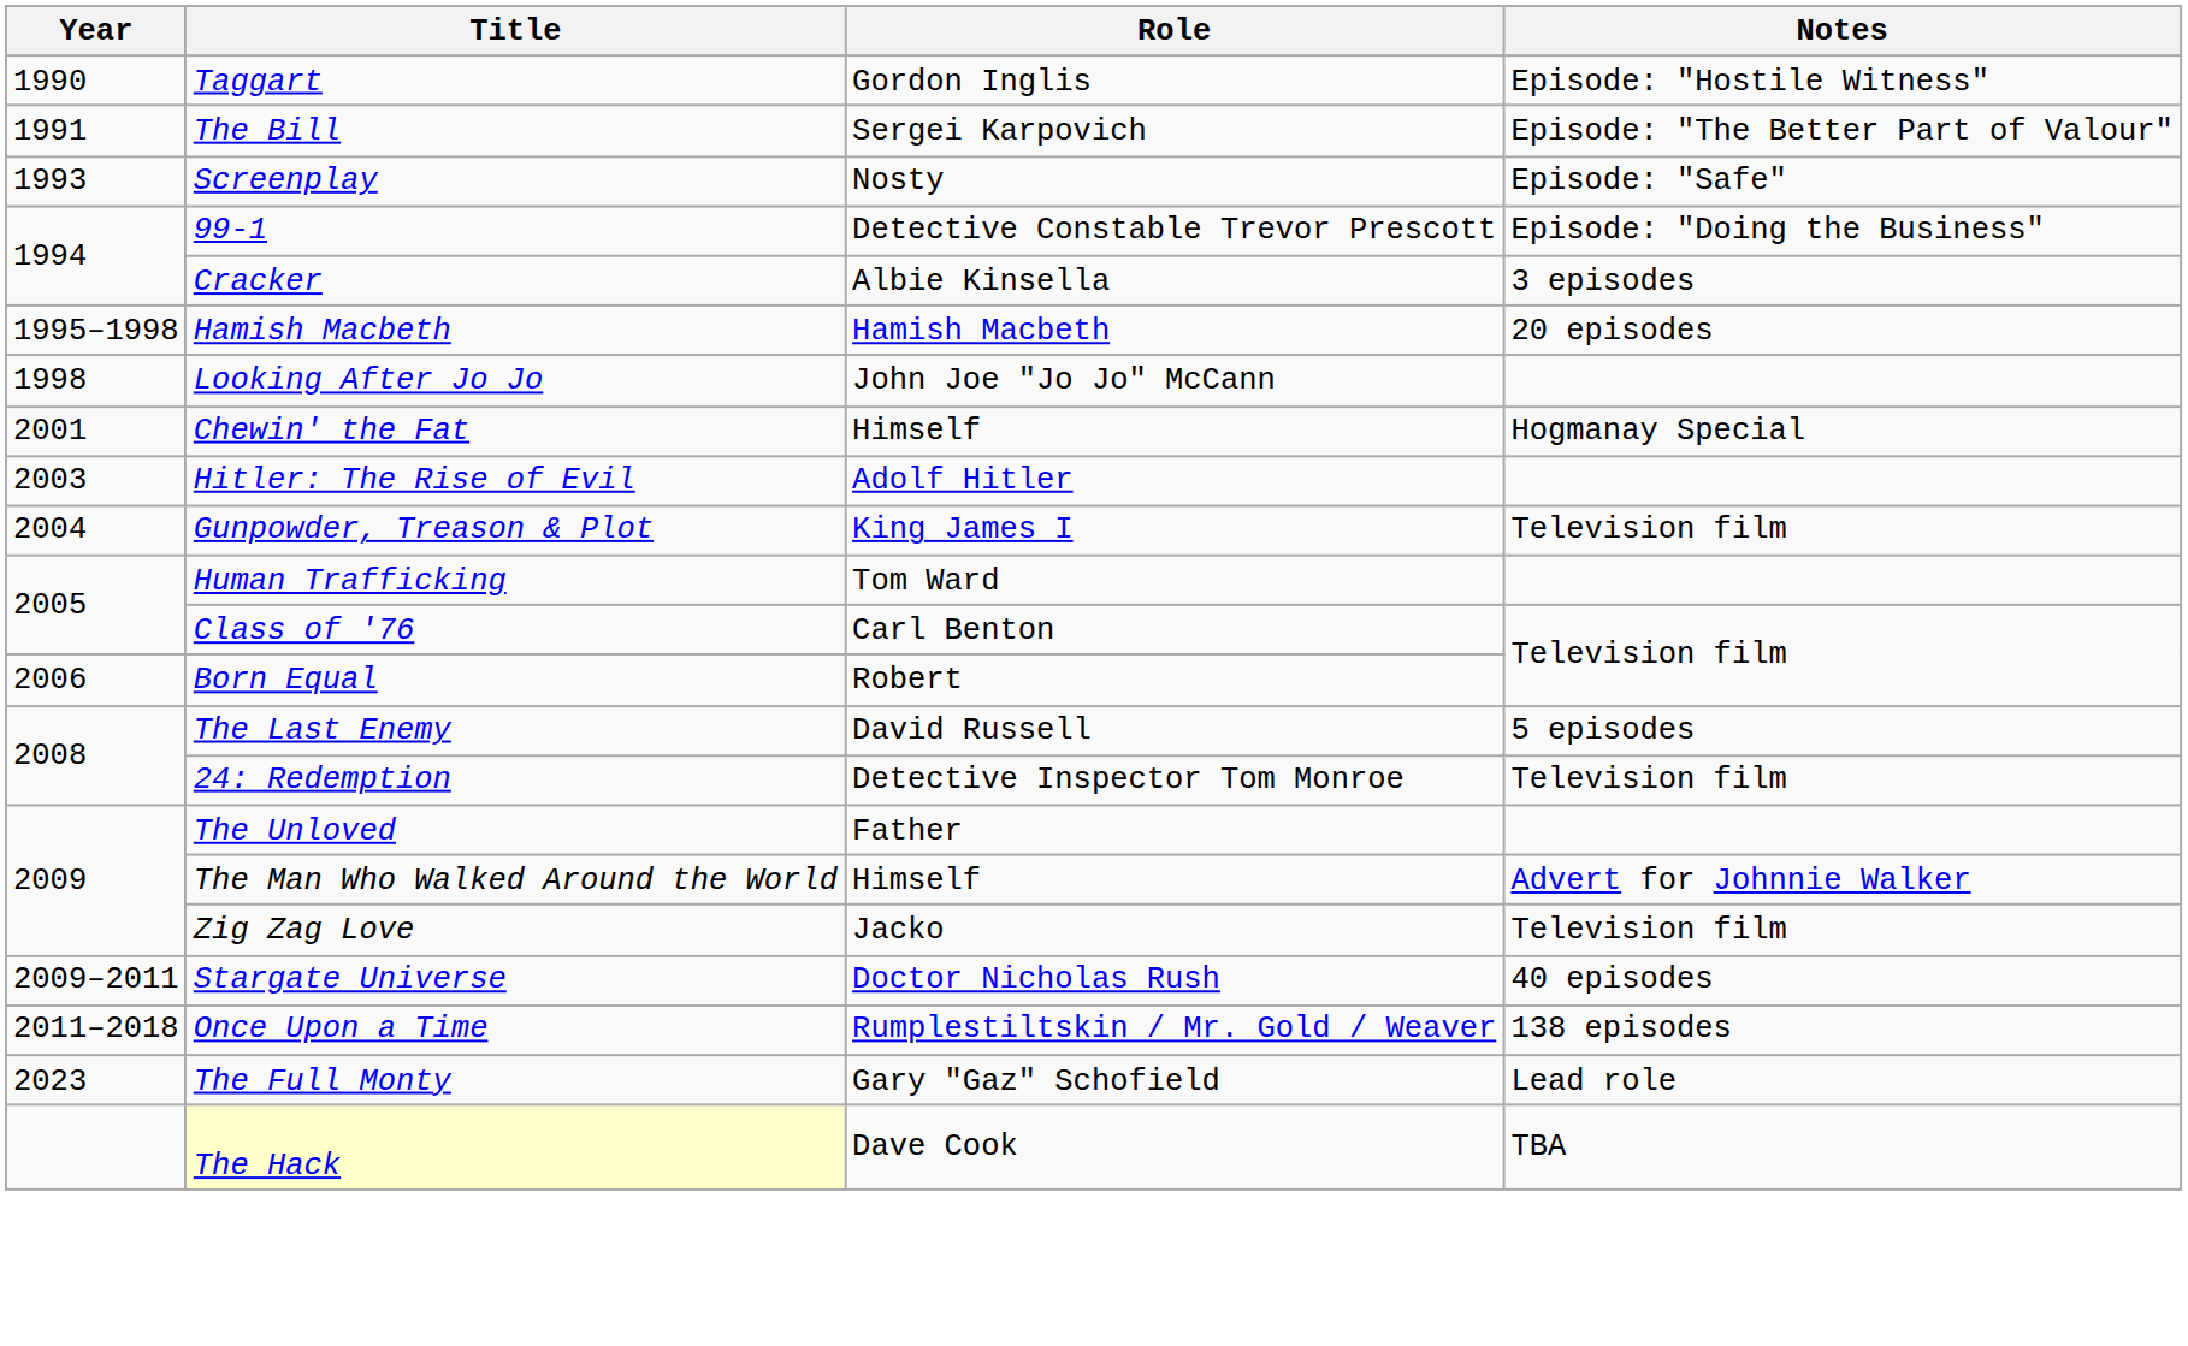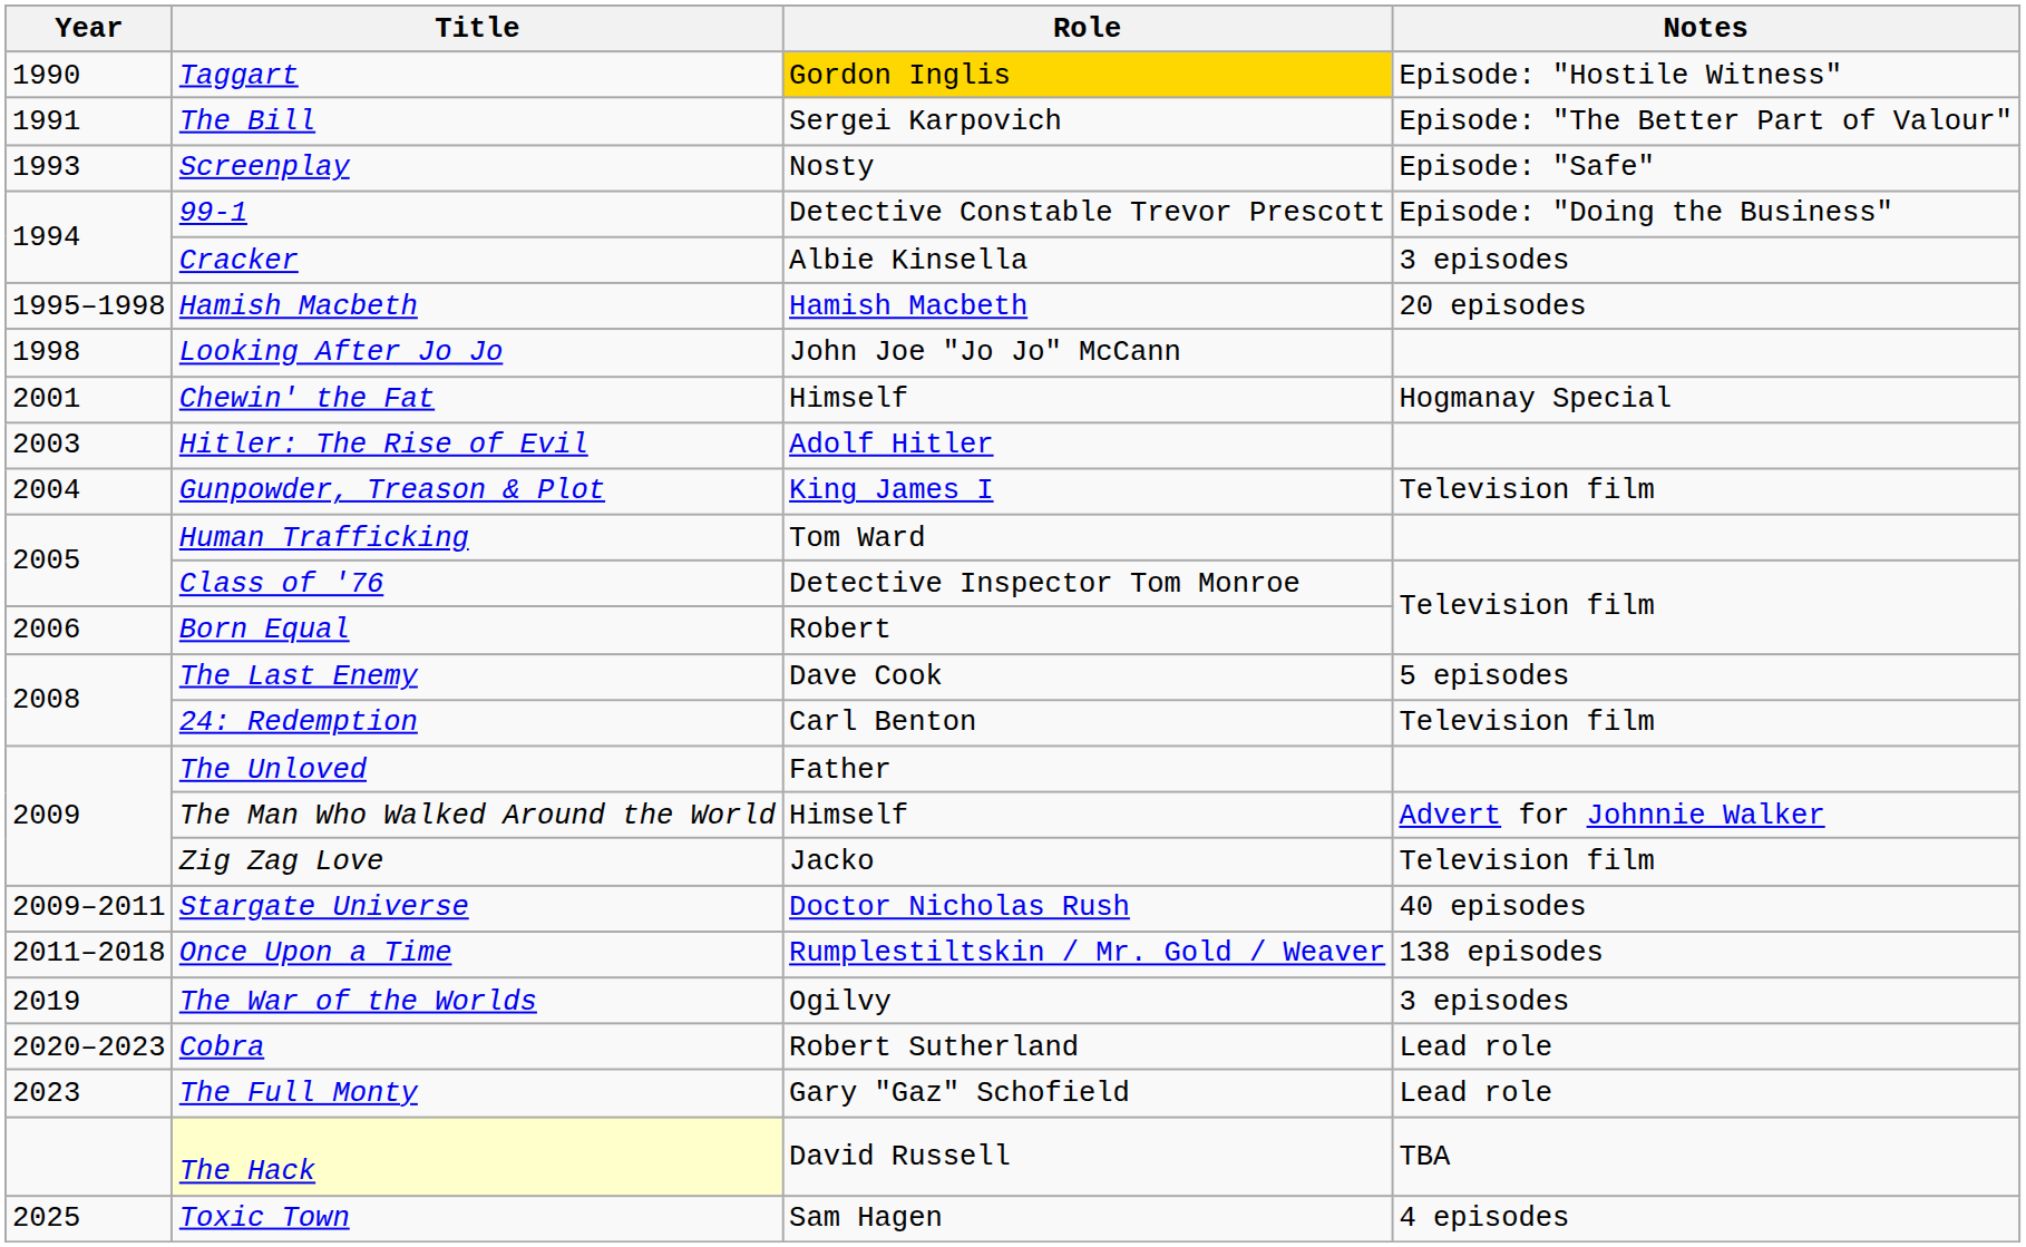 <table class="wikitable sortable">
 <tr>
 <th>Year</th>
 <th>Title</th>
 <th>Role</th>
 <th class="unsortable">Notes</th>
 </tr>
 <tr>
 <td>1990</td>
 <td><em><a href='#'>Taggart</a></em></td>
-<td>Gordon Inglis</td>
+<td style="background: gold;">Gordon Inglis</td>
 <td>Episode: "Hostile Witness"</td>
 </tr>
 <tr>
 <td>1991</td>
 <td><em><a href='#'>The Bill</a></em></td>
 <td>Sergei Karpovich</td>
 <td>Episode: "The Better Part of Valour"</td>
 </tr>
 <tr>
 <td>1993</td>
 <td><em><a href='#'>Screenplay</a></em></td>
 <td>Nosty</td>
 <td>Episode: "Safe"</td>
 </tr>
 <tr>
 <td rowspan="2">1994</td>
 <td><em><a href='#'>99-1</a></em></td>
 <td>Detective Constable Trevor Prescott</td>
 <td>Episode: "Doing the Business"</td>
 </tr>
 <tr>
 <td><em><a href='#'>Cracker</a></em></td>
 <td>Albie Kinsella</td>
 <td>3 episodes</td>
 </tr>
 <tr>
 <td>1995–1998</td>
 <td><em><a href='#'>Hamish Macbeth</a></em></td>
 <td><a href='#'>Hamish Macbeth</a></td>
 <td>20 episodes</td>
 </tr>
 <tr>
 <td>1998</td>
 <td><em><a href='#'>Looking After Jo Jo</a></em></td>
 <td>John Joe "Jo Jo" McCann</td>
 <td></td>
 </tr>
 <tr>
 <td>2001</td>
 <td><em><a href='#'>Chewin' the Fat</a></em></td>
 <td>Himself</td>
 <td>Hogmanay Special</td>
 </tr>
 <tr>
 <td>2003</td>
 <td><em><a href='#'>Hitler: The Rise of Evil</a></em></td>
 <td><a href='#'>Adolf Hitler</a></td>
 <td></td>
 </tr>
 <tr>
 <td>2004</td>
 <td><em><a href='#'>Gunpowder, Treason & Plot</a></em></td>
 <td><a href='#'>King James I</a></td>
 <td>Television film</td>
 </tr>
 <tr>
 <td rowspan="2">2005</td>
 <td><em><a href='#'>Human Trafficking</a></em></td>
 <td>Tom Ward</td>
 <td></td>
 </tr>
 <tr>
 <td><em><a href='#'>Class of '76</a></em></td>
-<td>Carl Benton</td>
+<td>Detective Inspector Tom Monroe</td>
 <td rowspan="2">Television film</td>
 </tr>
 <tr>
 <td>2006</td>
 <td><em><a href='#'>Born Equal</a></em></td>
 <td>Robert</td>
 </tr>
 <tr>
 <td rowspan="2">2008</td>
 <td><em><a href='#'>The Last Enemy</a></em></td>
-<td>David Russell</td>
+<td>Dave Cook</td>
 <td>5 episodes</td>
 </tr>
 <tr>
 <td><em><a href='#'>24: Redemption</a></em></td>
-<td>Detective Inspector Tom Monroe</td>
+<td>Carl Benton</td>
 <td>Television film</td>
 </tr>
 <tr>
 <td rowspan="3">2009</td>
 <td><em><a href='#'>The Unloved</a></em></td>
 <td>Father</td>
 <td></td>
 </tr>
 <tr>
 <td><em>The Man Who Walked Around the World</em></td>
 <td>Himself</td>
 <td><a href='#'>Advert</a> for <a href='#'>Johnnie Walker</a></td>
 </tr>
 <tr>
 <td><em>Zig Zag Love</em></td>
 <td>Jacko</td>
 <td>Television film</td>
 </tr>
 <tr>
 <td>2009–2011</td>
 <td><em><a href='#'>Stargate Universe</a></em></td>
 <td><a href='#'>Doctor Nicholas Rush</a></td>
 <td>40 episodes</td>
 </tr>
 <tr>
 <td>2011–2018</td>
 <td><em><a href='#'>Once Upon a Time</a></em></td>
 <td><a href='#'>Rumplestiltskin / Mr. Gold / Weaver</a></td>
 <td>138 episodes</td>
 </tr>
 <tr>
+<td>2019</td>
+<td><em><a href='#'>The War of the Worlds</a></em></td>
+<td>Ogilvy</td>
+<td>3 episodes</td>
+</tr>
+<tr>
+<td>2020–2023</td>
+<td><em><a href='#'>Cobra</a></em></td>
+<td>Robert Sutherland</td>
+<td>Lead role</td>
+</tr>
+<tr>
 <td>2023</td>
 <td><em><a href='#'>The Full Monty</a></em></td>
 <td>Gary "Gaz" Schofield</td>
 <td>Lead role</td>
 </tr>
 <tr>
 <td></td>
 <td style="background:#FFFFCC;"><br> <em> <a href='#'>The Hack </a></em></td>
-<td>Dave Cook</td>
+<td>David Russell</td>
 <td>TBA</td>
 </tr>
+<tr>
+<td>2025</td>
+<td><em><a href='#'>Toxic Town</a></em></td>
+<td>Sam Hagen</td>
+<td>4 episodes</td>
+</tr>
 </table>
